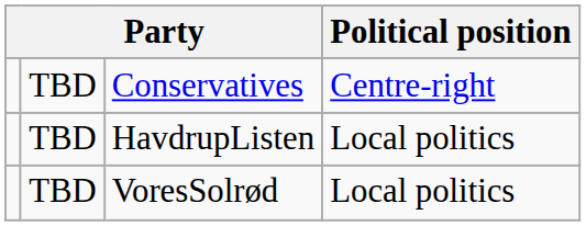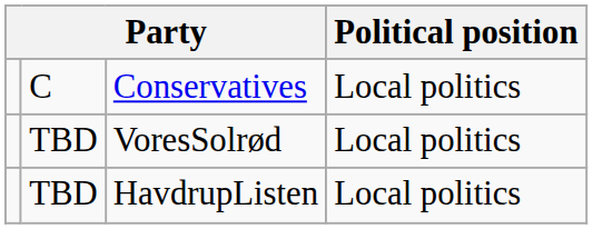 <table class="wikitable">
 <tr>
 <th colspan="3">Party</th>
 <th>Political position</th>
 </tr>
 <tr>
 <td></td>
-<td>TBD</td>
+<td>C</td>
 <td><a href='#'>Conservatives</a></td>
-<td><a href='#'>Centre-right</a></td>
-</tr>
-<tr>
-<td></td>
-<td>TBD</td>
-<td>HavdrupListen</td>
 <td>Local politics</td>
 </tr>
 <tr>
 <td></td>
 <td>TBD</td>
 <td>VoresSolrød</td>
 <td>Local politics</td>
 </tr>
+<tr>
+<td></td>
+<td>TBD</td>
+<td>HavdrupListen</td>
+<td>Local politics</td>
+</tr>
 </table>
